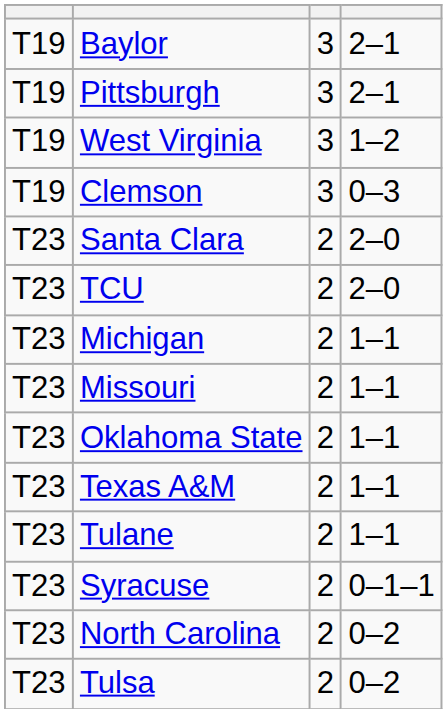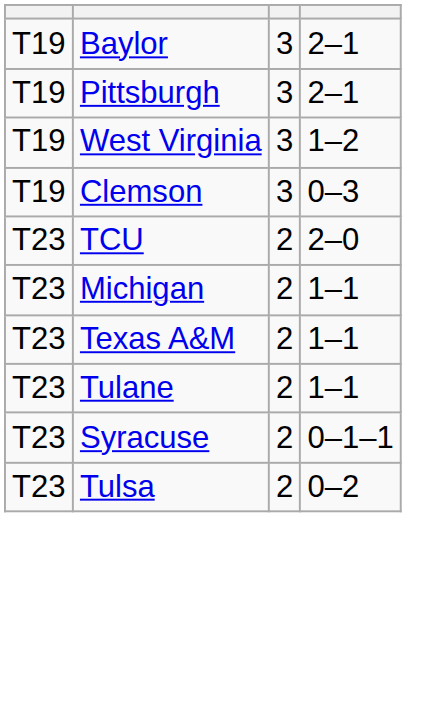 <table class = "wikitable sortable">
 <tr>
 <th></th>
 <th></th>
 <th></th>
 <th></th>
 </tr>
 <tr>
 <td>T19</td>
 <td><a href='#'>Baylor</a></td>
 <td>3</td>
 <td>2–1</td>
 </tr>
 <tr>
 <td>T19</td>
 <td><a href='#'>Pittsburgh</a></td>
 <td>3</td>
 <td>2–1</td>
 </tr>
 <tr>
 <td>T19</td>
 <td><a href='#'>West Virginia</a></td>
 <td>3</td>
 <td>1–2</td>
 </tr>
 <tr>
 <td>T19</td>
 <td><a href='#'>Clemson</a></td>
 <td>3</td>
 <td>0–3</td>
 </tr>
 <tr>
 <td>T23</td>
-<td><a href='#'>Santa Clara</a></td>
-<td>2</td>
-<td>2–0</td>
-</tr>
-<tr>
-<td>T23</td>
 <td><a href='#'>TCU</a></td>
 <td>2</td>
 <td>2–0</td>
 </tr>
 <tr>
 <td>T23</td>
 <td><a href='#'>Michigan</a></td>
-<td>2</td>
-<td>1–1</td>
-</tr>
-<tr>
-<td>T23</td>
-<td><a href='#'>Missouri</a></td>
-<td>2</td>
-<td>1–1</td>
-</tr>
-<tr>
-<td>T23</td>
-<td><a href='#'>Oklahoma State</a></td>
 <td>2</td>
 <td>1–1</td>
 </tr>
 <tr>
 <td>T23</td>
 <td><a href='#'>Texas A&M</a></td>
 <td>2</td>
 <td>1–1</td>
 </tr>
 <tr>
 <td>T23</td>
 <td><a href='#'>Tulane</a></td>
 <td>2</td>
 <td>1–1</td>
 </tr>
 <tr>
 <td>T23</td>
 <td><a href='#'>Syracuse</a></td>
 <td>2</td>
 <td>0–1–1</td>
 </tr>
 <tr>
 <td>T23</td>
-<td><a href='#'>North Carolina</a></td>
-<td>2</td>
-<td>0–2</td>
-</tr>
-<tr>
-<td>T23</td>
 <td><a href='#'>Tulsa</a></td>
 <td>2</td>
 <td>0–2</td>
 </tr>
 </table>
